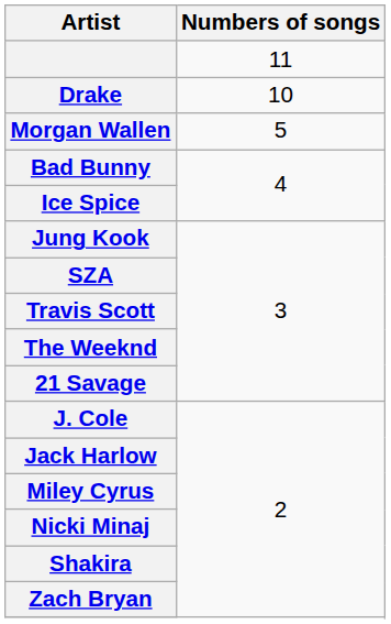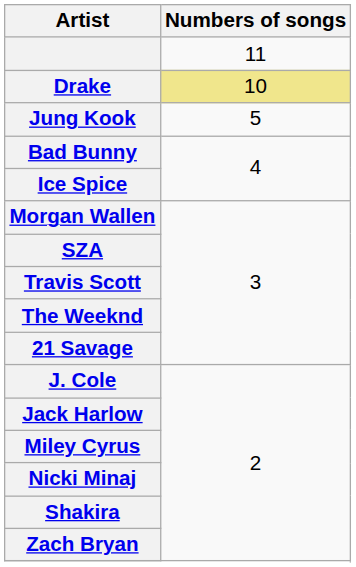 <table class="wikitable sortable plainrowheaders" style="text-align:center;">
 <tr>
 <th scope="col">Artist</th>
 <th scope="col">Numbers of songs</th>
 </tr>
 <tr>
 <th scope="row"></th>
 <td>11</td>
 </tr>
 <tr>
 <th scope="row"><a href='#'>Drake</a></th>
-<td>10</td>
+<td style="background: khaki;">10</td>
 </tr>
 <tr>
-<th scope="row"><a href='#'>Morgan Wallen</a></th>
+<th scope="row"><a href='#'>Jung Kook</a></th>
 <td>5</td>
 </tr>
 <tr>
 <th scope="row"><a href='#'>Bad Bunny</a></th>
 <td rowspan="2">4</td>
 </tr>
 <tr>
 <th scope="row"><a href='#'>Ice Spice</a></th>
 </tr>
 <tr>
-<th scope="row"><a href='#'>Jung Kook</a></th>
+<th scope="row"><a href='#'>Morgan Wallen</a></th>
 <td rowspan="5">3</td>
 </tr>
 <tr>
 <th scope="row"><a href='#'>SZA</a></th>
 </tr>
 <tr>
 <th scope="row"><a href='#'>Travis Scott</a></th>
 </tr>
 <tr>
 <th scope="row"><a href='#'>The Weeknd</a></th>
 </tr>
 <tr>
 <th scope="row"><a href='#'>21 Savage</a></th>
 </tr>
 <tr>
 <th scope="row"><a href='#'>J. Cole</a></th>
 <td rowspan="7">2</td>
 </tr>
 <tr>
 <th scope="row"><a href='#'>Jack Harlow</a></th>
 </tr>
 <tr>
 <th scope="row"><a href='#'>Miley Cyrus</a></th>
 </tr>
 <tr>
 <th scope="row"><a href='#'>Nicki Minaj</a></th>
 </tr>
 <tr>
 <th scope="row"><a href='#'>Shakira</a></th>
 </tr>
 <tr>
 <th scope="row"><a href='#'>Zach Bryan</a></th>
 </tr>
 <tr>
 </tr>
 </table>
